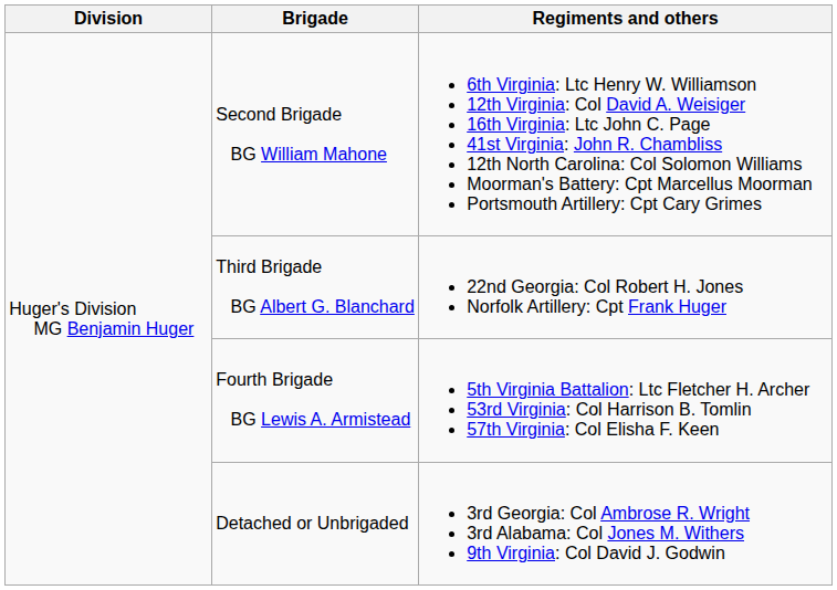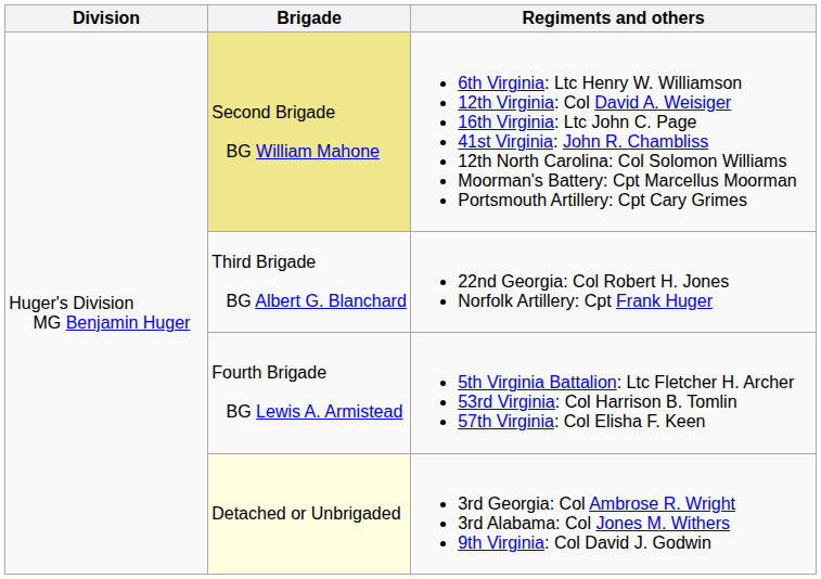 <table class="wikitable">
 <tr>
 <th width=25%>Division</th>
 <th width=25%>Brigade</th>
 <th>Regiments and others</th>
 </tr>
 <tr>
 <td rowspan=4><br>Huger's Division<br>     MG <a href='#'>Benjamin Huger</a></td>
-<td>Second Brigade<br><br>   BG <a href='#'>William Mahone</a></td>
+<td style="background: khaki;">Second Brigade<br><br>   BG <a href='#'>William Mahone</a></td>
 <td><br><ul><li><a href='#'>6th Virginia</a>: Ltc Henry W. Williamson</li><li><a href='#'>12th Virginia</a>: Col <a href='#'>David A. Weisiger</a></li><li><a href='#'>16th Virginia</a>: Ltc John C. Page</li><li><a href='#'>41st Virginia</a>: <a href='#'>John R. Chambliss</a></li><li>12th North Carolina: Col Solomon Williams</li><li>Moorman's Battery: Cpt Marcellus Moorman</li><li>Portsmouth Artillery: Cpt Cary Grimes</li></ul></td>
 </tr>
 <tr>
 <td>Third Brigade<br><br>   BG <a href='#'>Albert G. Blanchard</a></td>
 <td><br><ul><li>22nd Georgia: Col Robert H. Jones</li><li>Norfolk Artillery: Cpt <a href='#'>Frank Huger</a></li></ul></td>
 </tr>
 <tr>
 <td>Fourth Brigade<br><br>   BG <a href='#'>Lewis A. Armistead</a></td>
 <td><br><ul><li><a href='#'>5th Virginia Battalion</a>: Ltc Fletcher H. Archer</li><li><a href='#'>53rd Virginia</a>: Col Harrison B. Tomlin</li><li><a href='#'>57th Virginia</a>: Col Elisha F. Keen</li></ul></td>
 </tr>
 <tr>
-<td>Detached or Unbrigaded</td>
+<td style="background: lightyellow;">Detached or Unbrigaded</td>
 <td><br><ul><li>3rd Georgia: Col <a href='#'>Ambrose R. Wright</a></li><li>3rd Alabama: Col <a href='#'>Jones M. Withers</a></li><li><a href='#'>9th Virginia</a>: Col David J. Godwin</li></ul></td>
 </tr>
 </table>
